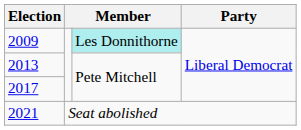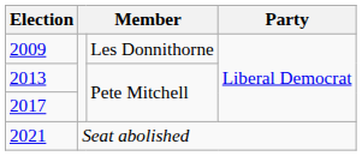 <table class="wikitable">
 <tr>
 <th>Election</th>
 <th colspan="2">Member</th>
 <th>Party</th>
 </tr>
 <tr>
 <td><a href='#'>2009</a></td>
 <td rowspan="3" style="background-color: "></td>
-<td rowspan="1" style="background: paleturquoise;">Les Donnithorne</td>
+<td rowspan="1">Les Donnithorne</td>
 <td rowspan="3"><a href='#'>Liberal Democrat</a></td>
 </tr>
 <tr>
 <td><a href='#'>2013</a></td>
 <td rowspan="2">Pete Mitchell</td>
 </tr>
 <tr>
 <td><a href='#'>2017</a></td>
 </tr>
 <tr>
 <td><a href='#'>2021</a></td>
 <td colspan="3"><em>Seat abolished</em></td>
 </tr>
 </table>
